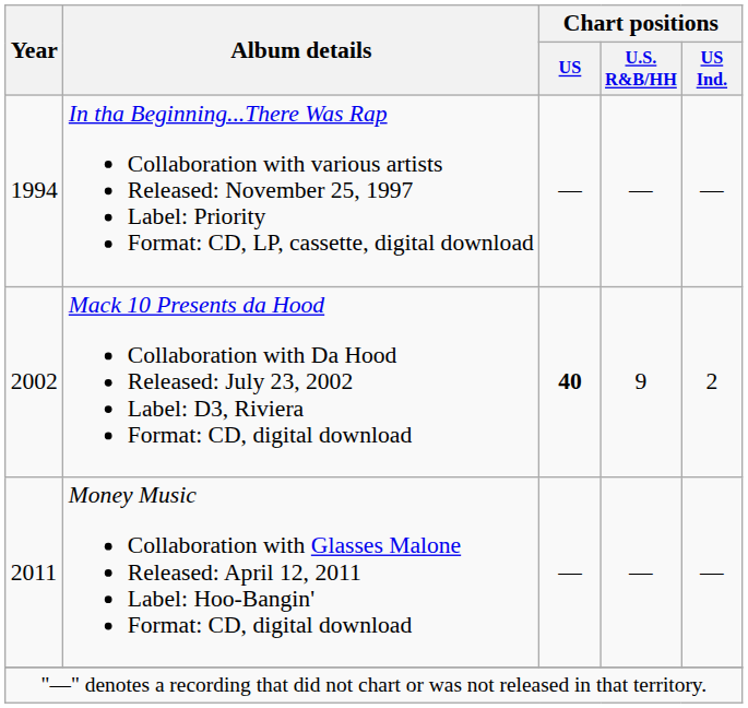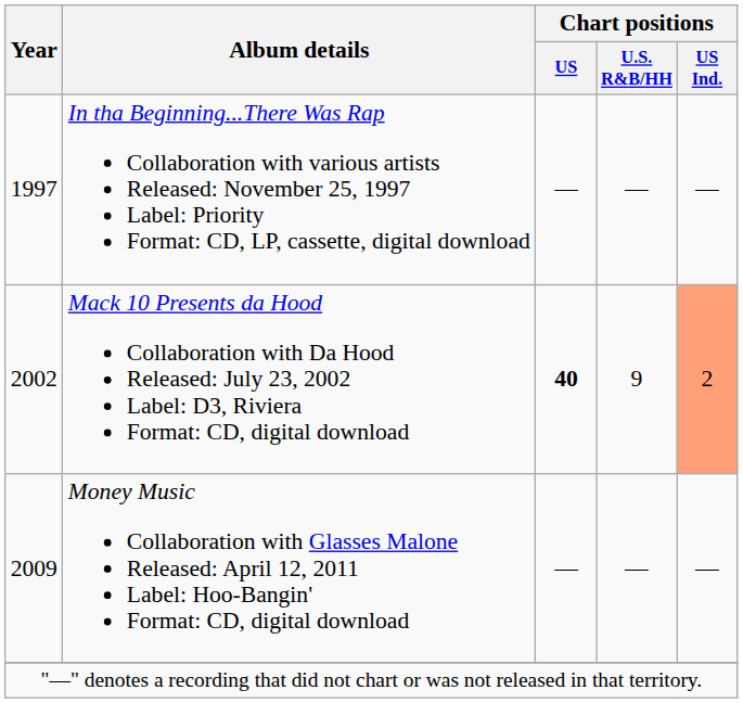 <table class="wikitable">
 <tr>
 <th rowspan="2">Year</th>
 <th rowspan="2">Album details</th>
 <th colspan="3">Chart positions</th>
 </tr>
 <tr>
 <th style="width:3em;font-size:75%"><a href='#'>US</a><br></th>
 <th style="width:3em;font-size:75%"><a href='#'>U.S.<br>R&B/HH</a><br></th>
 <th style="width:3em;font-size:75%"><a href='#'>US<br>Ind.</a><br></th>
 </tr>
 <tr>
-<td>1994</td>
+<td>1997</td>
 <td><em><a href='#'>In tha Beginning...There Was Rap</a></em><br><ul><li>Collaboration with various artists</li><li>Released: November 25, 1997</li><li>Label: Priority</li><li>Format: CD, LP, cassette, digital download</li></ul></td>
 <td align="center">—</td>
 <td align="center">—</td>
 <td align="center">—</td>
 </tr>
 <tr>
 <td>2002</td>
 <td><em><a href='#'>Mack 10 Presents da Hood</a></em><br><ul><li>Collaboration with Da Hood</li><li>Released: July 23, 2002</li><li>Label: D3, Riviera</li><li>Format: CD, digital download</li></ul></td>
 <td align="center"><strong>40</strong></td>
 <td align="center">9</td>
-<td align="center">2</td>
+<td align="center" style="background: lightsalmon;">2</td>
 </tr>
 <tr>
-<td>2011</td>
+<td>2009</td>
 <td><em>Money Music</em><br><ul><li>Collaboration with <a href='#'>Glasses Malone</a></li><li>Released: April 12, 2011</li><li>Label: Hoo-Bangin'</li><li>Format: CD, digital download</li></ul></td>
 <td align="center">—</td>
 <td align="center">—</td>
 <td align="center">—</td>
 </tr>
 <tr>
 </tr>
 <tr>
 <td colspan="8" style="font-size:90%; text-align:center">"—" denotes a recording that did not chart or was not released in that territory.</td>
 </tr>
 </table>
